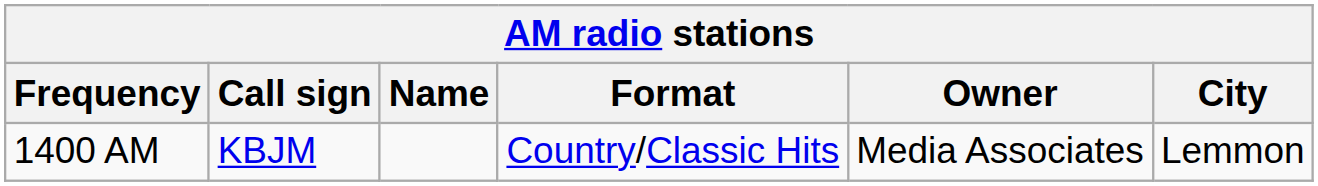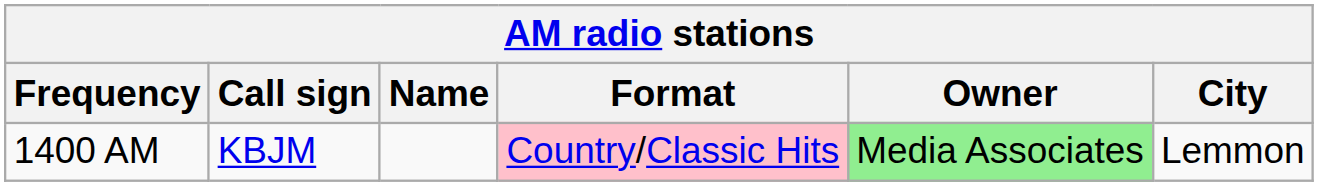 <table class="wikitable">
 <tr>
 <th align="center" colspan="6"><strong><a href='#'>AM radio</a> stations</strong></th>
 </tr>
 <tr>
 <th>Frequency</th>
 <th>Call sign</th>
 <th>Name</th>
 <th>Format</th>
 <th>Owner</th>
 <th>City</th>
 </tr>
 <tr>
 <td>1400 AM</td>
 <td><a href='#'>KBJM</a></td>
 <td></td>
-<td><a href='#'>Country</a>/<a href='#'>Classic Hits</a></td>
-<td>Media Associates</td>
+<td style="background: pink;"><a href='#'>Country</a>/<a href='#'>Classic Hits</a></td>
+<td style="background: lightgreen;">Media Associates</td>
 <td>Lemmon</td>
 </tr>
 </table>
